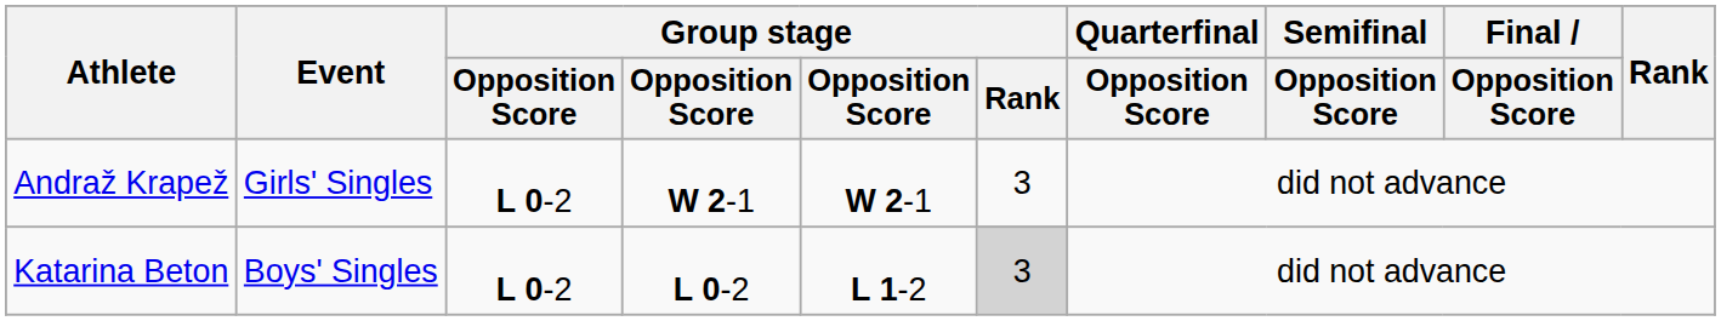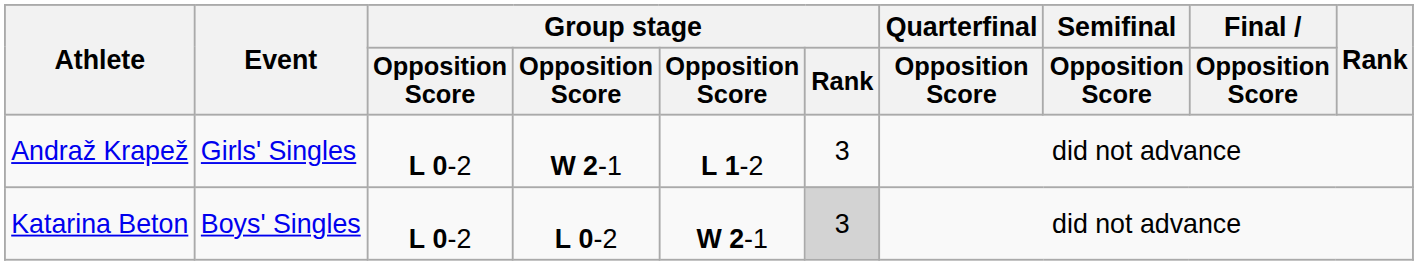 <table class="wikitable" style="font-size:90%">
 <tr>
 <th rowspan=2>Athlete</th>
 <th rowspan=2>Event</th>
 <th colspan=4>Group stage</th>
 <th>Quarterfinal</th>
 <th>Semifinal</th>
 <th>Final / </th>
 <th rowspan=2>Rank</th>
 </tr>
 <tr style="font-size:95%">
 <th>Opposition<br>Score</th>
 <th>Opposition<br>Score</th>
 <th>Opposition<br>Score</th>
 <th>Rank</th>
 <th>Opposition<br>Score</th>
 <th>Opposition<br>Score</th>
 <th>Opposition<br>Score</th>
 </tr>
 <tr align=center>
 <td align=left><a href='#'>Andraž Krapež</a></td>
 <td align=left><a href='#'>Girls' Singles</a></td>
 <td> <br> <strong>L</strong> <strong>0</strong>-2</td>
 <td> <br> <strong>W</strong> <strong>2</strong>-1</td>
-<td> <br> <strong>W</strong> <strong>2</strong>-1</td>
+<td> <br> <strong>L</strong> <strong>1</strong>-2</td>
 <td>3</td>
 <td colspan=4>did not advance</td>
 </tr>
 <tr align=center>
 <td align=left><a href='#'>Katarina Beton</a></td>
 <td align=left><a href='#'>Boys' Singles</a></td>
 <td> <br> <strong>L</strong> <strong>0</strong>-2</td>
 <td> <br> <strong>L</strong> <strong>0</strong>-2</td>
-<td> <br> <strong>L</strong> <strong>1</strong>-2</td>
+<td> <br> <strong>W</strong> <strong>2</strong>-1</td>
 <td style="background: lightgrey;">3</td>
 <td colspan=4>did not advance</td>
 </tr>
 </table>
